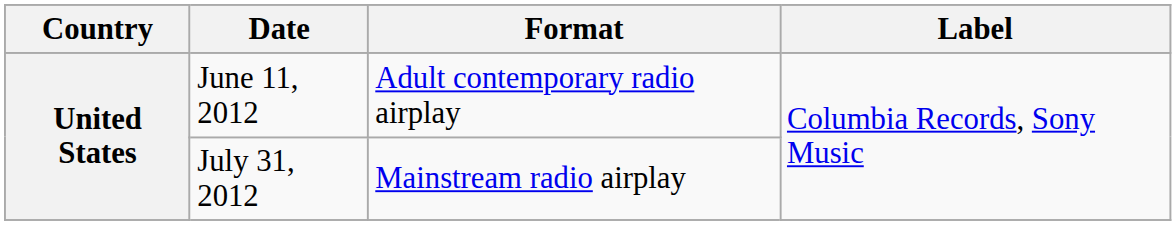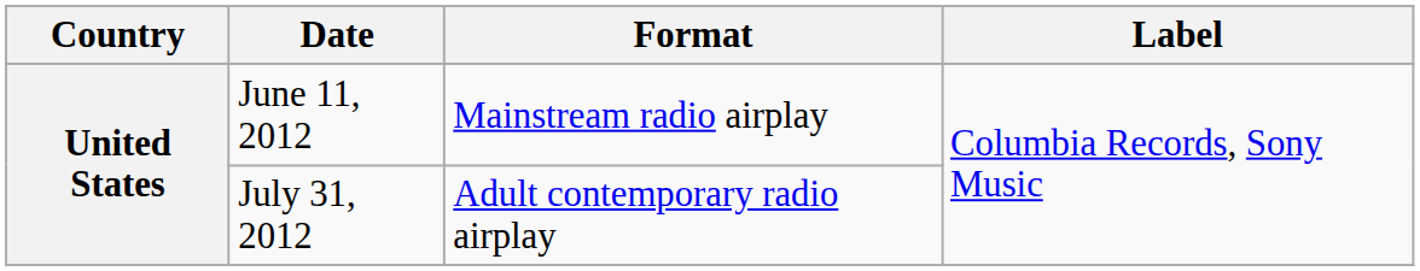 <table class="wikitable plainrowheaders">
 <tr>
 <th scope="col">Country</th>
 <th scope="col">Date</th>
 <th scope="col">Format</th>
 <th scope="col">Label</th>
 </tr>
 <tr>
 <th scope="row" rowspan="2">United States</th>
 <td>June 11, 2012</td>
-<td><a href='#'>Adult contemporary radio</a> airplay</td>
+<td><a href='#'>Mainstream radio</a> airplay</td>
 <td rowspan="2"><a href='#'>Columbia Records</a>, <a href='#'>Sony Music</a></td>
 </tr>
 <tr>
 <td>July 31, 2012</td>
-<td><a href='#'>Mainstream radio</a> airplay</td>
+<td><a href='#'>Adult contemporary radio</a> airplay</td>
 </tr>
 </table>
